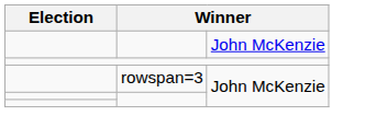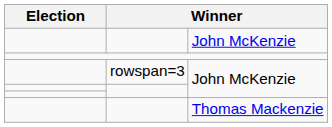 <table class=wikitable>
 <tr>
 <th width=100>Election</th>
 <th width=175 colspan=2>Winner</th>
 </tr>
 <tr>
 <td></td>
 <td></td>
 <td><a href='#'>John McKenzie</a></td>
 </tr>
 <tr>
 <td colspan=3 align=center></td>
 </tr>
 <tr>
 <td></td>
 <td>rowspan=3 </td>
 <td rowspan=3>John McKenzie</td>
 </tr>
 <tr>
 <td></td>
 </tr>
 <tr>
 <td></td>
 </tr>
+<tr>
+<td></td>
+<td></td>
+<td><a href='#'>Thomas Mackenzie</a></td>
+</tr>
 </table>
